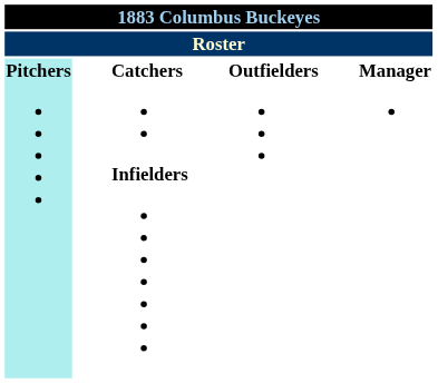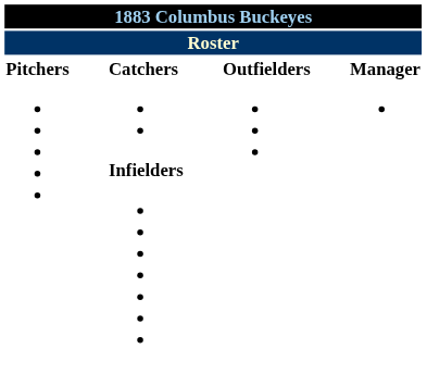 <table class="toccolours" style="font-size: 95%;">
 <tr>
 <th colspan="10" style="background-color: #000000; color: #9ECEEE; text-align: center;">1883 Columbus Buckeyes</th>
 </tr>
 <tr>
 <td colspan="10" style="background-color: #003366; color: #FFFDD0; text-align: center;"><strong>Roster</strong></td>
 </tr>
 <tr>
-<td valign="top" style="background: paleturquoise;"><strong>Pitchers</strong><br><ul><li></li><li></li><li></li><li></li><li></li></ul></td>
+<td valign="top"><strong>Pitchers</strong><br><ul><li></li><li></li><li></li><li></li><li></li></ul></td>
 <td width="25px"></td>
 <td valign="top"><strong>Catchers</strong><br><ul><li></li><li></li></ul><strong>Infielders</strong><ul><li></li><li></li><li></li><li></li><li></li><li></li><li></li></ul></td>
 <td width="25px"></td>
 <td valign="top"><strong>Outfielders</strong><br><ul><li></li><li></li><li></li></ul></td>
 <td width="25px"></td>
 <td valign="top"><strong>Manager</strong><br><ul><li></li></ul></td>
 </tr>
 </table>
